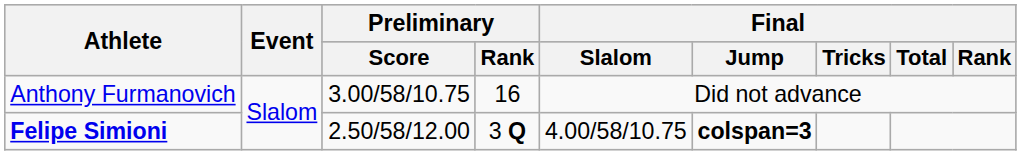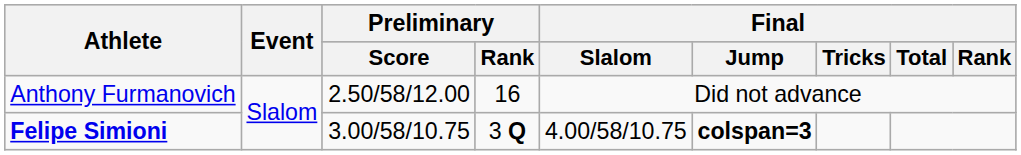 <table class=wikitable style=font-size:90%;text-align:center>
 <tr>
 <th rowspan=2>Athlete</th>
 <th rowspan=2>Event</th>
 <th colspan=2>Preliminary</th>
 <th colspan=5>Final</th>
 </tr>
 <tr style=font-size:95%>
 <th>Score</th>
 <th>Rank</th>
 <th>Slalom</th>
 <th>Jump</th>
 <th>Tricks</th>
 <th>Total</th>
 <th>Rank</th>
 </tr>
 <tr>
 <td align=left><a href='#'>Anthony Furmanovich</a></td>
 <td align=left rowspan=2><a href='#'>Slalom</a></td>
-<td>3.00/58/10.75</td>
+<td>2.50/58/12.00</td>
 <td>16</td>
 <td colspan=5>Did not advance</td>
 </tr>
 <tr>
 <td align=left><strong><a href='#'>Felipe Simioni</a></strong></td>
-<td>2.50/58/12.00</td>
+<td>3.00/58/10.75</td>
 <td>3 <strong>Q</strong></td>
 <td>4.00/58/10.75</td>
 <td><strong>colspan=3 </strong></td>
 <td></td>
 </tr>
 </table>
